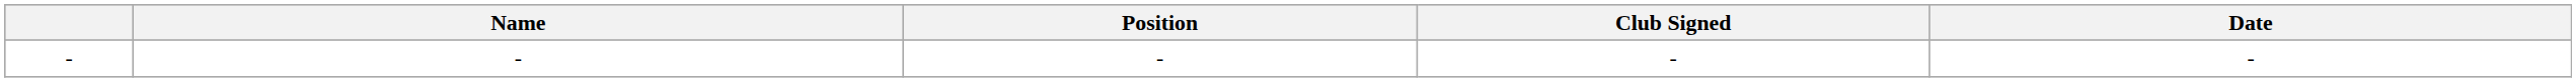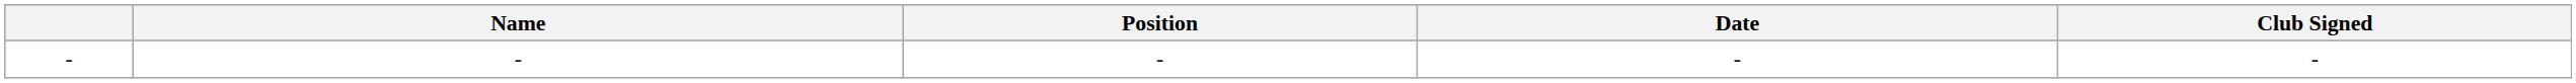 <table class="wikitable sortable"  style="width:100%; font-size:85%;">
 <tr style="background:#efefef;">
 <th width=5%></th>
 <th width=30%>Name</th>
 <th !width=30%>Position</th>
+<th width=25%>Date</th>
 <th width=20%>Club Signed</th>
-<th width=25%>Date</th>
 </tr>
 <tr style="background:#fff;">
 <td align=center>-</td>
 <td align=center>-</td>
 <td align=center>-</td>
 <td align=center>-</td>
 <td align=center>-</td>
 </tr>
 </table>
